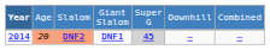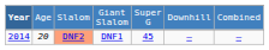 <table class="wikitable" style="font-size:95%; text-align:center; border:grey solid 1px; border-collapse:collapse;" width="40%">
 <tr style="background-color:#369; color:white;">
 <td rowspan="2" colspan="1" width="4%"><strong>Year</strong></td>
 </tr>
 <tr style="background-color:#4180be; color:white;">
 <td width="3%">Age</td>
 <td width="5%">Slalom</td>
 <td width="5%">Giant<br>Slalom</td>
 <td width="5%">Super G</td>
 <td width="5%">Downhill</td>
 <td width="5%">Combined</td>
 </tr>
 <tr style="background-color:#8CB2D8; color:white;">
 </tr>
 <tr>
 <td><a href='#'>2014</a></td>
-<td style="background: lightsalmon;"><em>20</em></td>
+<td><em>20</em></td>
 <td style="background: lightsalmon;"><a href='#'>DNF2</a></td>
 <td><a href='#'>DNF1</a></td>
-<td style="background: lightgrey;"><a href='#'>45</a></td>
+<td><a href='#'>45</a></td>
 <td><a href='#'>—</a></td>
 <td><a href='#'>—</a></td>
 </tr>
 </table>
